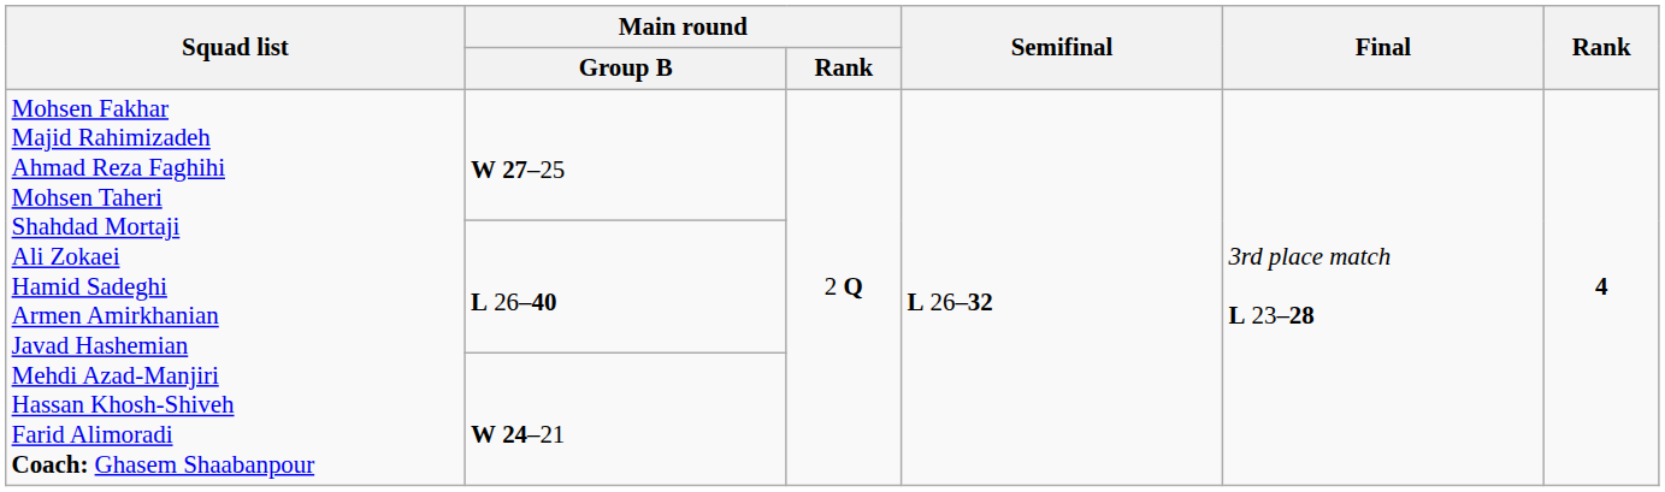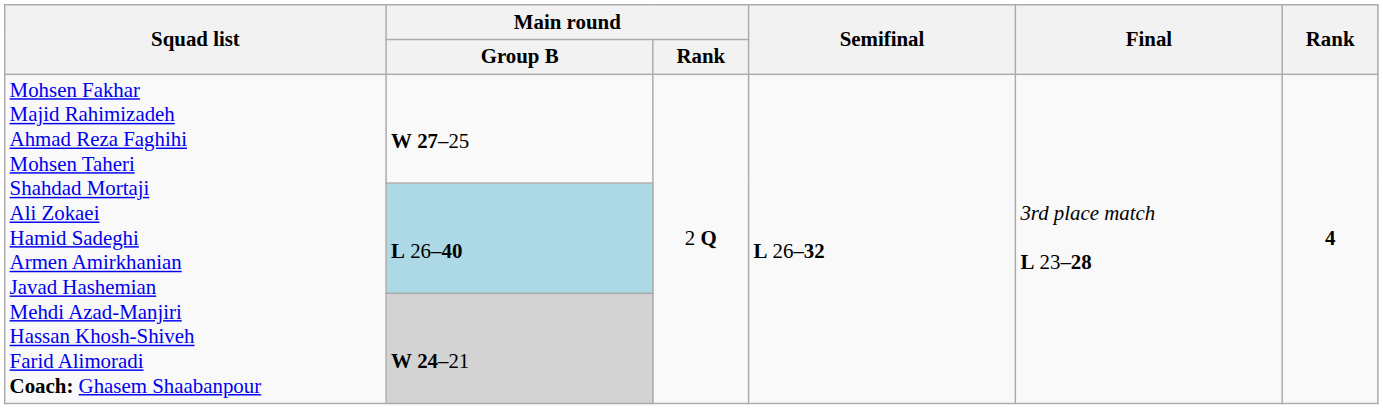 <table class="wikitable" width="75%" style="text-align:left; font-size:90%">
 <tr>
 <th rowspan="2" width="20%">Squad list</th>
 <th colspan="2">Main round</th>
 <th rowspan="2" width="14%">Semifinal</th>
 <th rowspan="2" width="14%">Final</th>
 <th rowspan="2" width="5%">Rank</th>
 </tr>
 <tr>
 <th width="14%">Group B</th>
 <th width="5%">Rank</th>
 </tr>
 <tr>
 <td rowspan="3"><a href='#'>Mohsen Fakhar</a><br> <a href='#'>Majid Rahimizadeh</a><br> <a href='#'>Ahmad Reza Faghihi</a><br> <a href='#'>Mohsen Taheri</a><br> <a href='#'>Shahdad Mortaji</a><br> <a href='#'>Ali Zokaei</a><br> <a href='#'>Hamid Sadeghi</a><br> <a href='#'>Armen Amirkhanian</a><br> <a href='#'>Javad Hashemian</a><br> <a href='#'>Mehdi Azad-Manjiri</a><br> <a href='#'>Hassan Khosh-Shiveh</a><br> <a href='#'>Farid Alimoradi</a><br> <strong>Coach:</strong> <a href='#'>Ghasem Shaabanpour</a></td>
 <td><br><strong>W</strong> <strong>27</strong>–25</td>
 <td rowspan="3" align=center>2 <strong>Q</strong></td>
 <td rowspan="3"><br><strong>L</strong> 26–<strong>32</strong></td>
 <td rowspan="3"><em>3rd place match</em><br><br><strong>L</strong> 23–<strong>28</strong></td>
 <td rowspan="3" align="center"><strong>4</strong></td>
 </tr>
 <tr>
-<td><br><strong>L</strong> 26–<strong>40</strong></td>
+<td style="background: lightblue;"><br><strong>L</strong> 26–<strong>40</strong></td>
 </tr>
 <tr>
-<td><br><strong>W</strong> <strong>24</strong>–21</td>
+<td style="background: lightgrey;"><br><strong>W</strong> <strong>24</strong>–21</td>
 </tr>
 </table>
